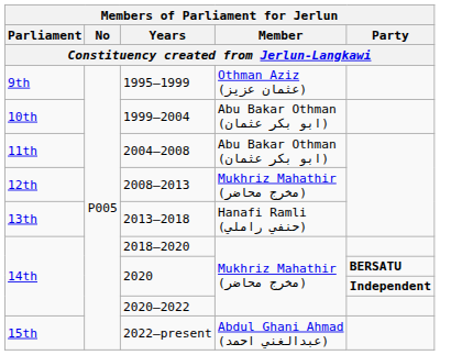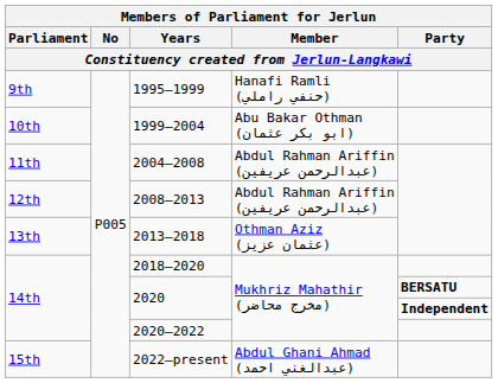 <table class=wikitable>
 <tr>
 <th colspan="5">Members of Parliament for Jerlun</th>
 </tr>
 <tr>
 <th>Parliament</th>
 <th>No</th>
 <th>Years</th>
 <th>Member</th>
 <th>Party</th>
 </tr>
 <tr>
 <th colspan="5" align="center"><em>Constituency created from <a href='#'>Jerlun-Langkawi</a></em></th>
 </tr>
 <tr>
 <td><a href='#'>9th</a></td>
 <td rowspan="10">P005</td>
 <td>1995–1999</td>
-<td><a href='#'>Othman Aziz</a>  <br> (عثمان عزيز)</td>
+<td>Hanafi Ramli  <br> (حنفي راملي)</td>
 <td></td>
 </tr>
 <tr>
 <td><a href='#'>10th</a></td>
 <td>1999–2004</td>
 <td>Abu Bakar Othman <br>  (ابو بكر عثمان)</td>
 <td></td>
 </tr>
 <tr>
 <td><a href='#'>11th</a></td>
 <td>2004–2008</td>
-<td>Abu Bakar Othman <br>  (ابو بكر عثمان)</td>
+<td>Abdul Rahman Ariffin  <br> (عبدالرحمن عريفين)</td>
 <td rowspan="3"></td>
 </tr>
 <tr>
 <td><a href='#'>12th</a></td>
 <td>2008–2013</td>
-<td><a href='#'>Mukhriz Mahathir</a>  <br> (مخرج محاضر)</td>
+<td>Abdul Rahman Ariffin  <br> (عبدالرحمن عريفين)</td>
 </tr>
 <tr>
 <td><a href='#'>13th</a></td>
 <td>2013–2018</td>
-<td>Hanafi Ramli  <br> (حنفي راملي)</td>
+<td><a href='#'>Othman Aziz</a>  <br> (عثمان عزيز)</td>
 </tr>
 <tr>
 <td rowspan="4"><a href='#'>14th</a></td>
 <td>2018–2020</td>
 <td rowspan="4"><a href='#'>Mukhriz Mahathir</a>  <br> (مخرج محاضر)</td>
 <td></td>
 </tr>
 <tr>
 <td rowspan="2">2020</td>
 <td><strong>BERSATU</strong></td>
 </tr>
 <tr>
 <td><strong>Independent</strong></td>
 </tr>
 <tr>
 <td>2020–2022</td>
 <td></td>
 </tr>
 <tr>
 <td><a href='#'>15th</a></td>
 <td>2022–present</td>
 <td><a href='#'>Abdul Ghani Ahmad</a>  <br> (عبدالغني احمد)</td>
 <td></td>
 </tr>
 </table>
